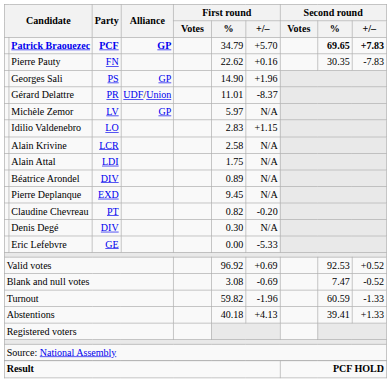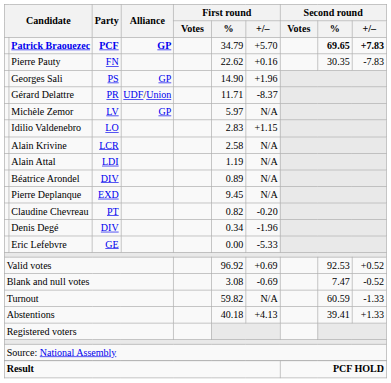 <table class="wikitable" style="text-align:right;font-size:95%;">
 <tr>
 <th rowspan="2" colspan="2">Candidate</th>
 <th rowspan="2">Party</th>
 <th rowspan="2">Alliance</th>
 <th colspan="3">First round</th>
 <th colspan="3">Second round</th>
 </tr>
 <tr>
 <th style="width:50px;">Votes</th>
 <th style="width:45px;">%</th>
 <th style="width:45px;">+/–</th>
 <th style="width:50px;">Votes</th>
 <th style="width:45px;">%</th>
 <th style="width:45px;">+/–</th>
 </tr>
 <tr>
 <td style="color:inherit;background:"></td>
 <td style="text-align:left;"><strong><a href='#'>Patrick Braouezec</a></strong></td>
 <td><a href='#'><strong>PCF</strong></a> </td>
 <td><a href='#'><strong>GP</strong></a> </td>
 <td></td>
 <td>34.79</td>
 <td>+5.70</td>
 <td><strong></strong></td>
 <td><strong>69.65</strong></td>
 <td><strong>+7.83</strong></td>
 </tr>
 <tr>
 <td style="color:inherit;background:"></td>
 <td style="text-align:left;">Pierre Pauty</td>
 <td><a href='#'>FN</a> </td>
 <td></td>
 <td></td>
 <td>22.62</td>
 <td>+0.16</td>
 <td></td>
 <td>30.35</td>
 <td>-7.83</td>
 </tr>
 <tr>
 <td style="color:inherit;background:"></td>
 <td style="text-align:left;">Georges Sali</td>
 <td><a href='#'>PS</a></td>
 <td><a href='#'>GP</a></td>
 <td></td>
 <td>14.90</td>
 <td>+1.96</td>
 <td colspan="3" style="background:#E9E9E9;"></td>
 </tr>
 <tr>
 <td style="color:inherit;background:"></td>
 <td style="text-align:left;">Gérard Delattre</td>
 <td><a href='#'>PR</a></td>
 <td><a href='#'>UDF</a>/<a href='#'>Union</a></td>
 <td></td>
-<td>11.01</td>
+<td>11.71</td>
 <td>-8.37</td>
 <td colspan="3" style="background:#E9E9E9;"></td>
 </tr>
 <tr>
 <td style="color:inherit;background:"></td>
 <td style="text-align:left;">Michèle Zemor</td>
 <td><a href='#'>LV</a></td>
 <td><a href='#'>GP</a></td>
 <td></td>
 <td>5.97</td>
 <td>N/A</td>
 <td colspan="3" style="background:#E9E9E9;"></td>
 </tr>
 <tr>
 <td style="color:inherit;background:"></td>
 <td style="text-align:left;">Idilio Valdenebro</td>
 <td><a href='#'>LO</a></td>
 <td></td>
 <td></td>
 <td>2.83</td>
 <td>+1.15</td>
 <td colspan="3" style="background:#E9E9E9;"></td>
 </tr>
 <tr>
 <td style="color:inherit;background:"></td>
 <td style="text-align:left;">Alain Krivine</td>
 <td><a href='#'>LCR</a></td>
 <td></td>
 <td></td>
 <td>2.58</td>
 <td>N/A</td>
 <td colspan="3" style="background:#E9E9E9;"></td>
 </tr>
 <tr>
 <td style="color:inherit;background:"></td>
 <td style="text-align:left;">Alain Attal</td>
 <td><a href='#'>LDI</a></td>
 <td></td>
 <td></td>
-<td>1.75</td>
+<td>1.19</td>
 <td>N/A</td>
 <td colspan="3" style="background:#E9E9E9;"></td>
 </tr>
 <tr>
 <td style="color:inherit;background:"></td>
 <td style="text-align:left;">Béatrice Arondel</td>
 <td><a href='#'>DIV</a></td>
 <td></td>
 <td></td>
 <td>0.89</td>
 <td>N/A</td>
 <td colspan="3" style="background:#E9E9E9;"></td>
 </tr>
 <tr>
 <td style="color:inherit;background:"></td>
 <td style="text-align:left;">Pierre Deplanque</td>
 <td><a href='#'>EXD</a></td>
 <td></td>
 <td></td>
 <td>9.45</td>
 <td>N/A</td>
 <td colspan="3" style="background:#E9E9E9;"></td>
 </tr>
 <tr>
 <td style="color:inherit;background:"></td>
 <td style="text-align:left;">Claudine Chevreau</td>
 <td><a href='#'>PT</a></td>
 <td></td>
 <td></td>
 <td>0.82</td>
 <td>-0.20</td>
 <td colspan="3" style="background:#E9E9E9;"></td>
 </tr>
 <tr>
 <td style="color:inherit;background:"></td>
 <td style="text-align:left;">Denis Degé</td>
 <td><a href='#'>DIV</a></td>
 <td></td>
 <td></td>
-<td>0.30</td>
-<td>N/A</td>
+<td>0.34</td>
+<td>-1.96</td>
 <td colspan="3" style="background:#E9E9E9;"></td>
 </tr>
 <tr>
 <td style="color:inherit;background:"></td>
 <td style="text-align:left;">Eric Lefebvre</td>
 <td><a href='#'>GE</a></td>
 <td></td>
 <td></td>
 <td>0.00</td>
 <td>-5.33</td>
 <td colspan="3" style="background:#E9E9E9;"></td>
 </tr>
 <tr>
 <td colspan="10" style="background:#E9E9E9;"></td>
 </tr>
 <tr>
 <td colspan="4" style="text-align:left;">Valid votes</td>
 <td></td>
 <td>96.92</td>
 <td>+0.69</td>
 <td></td>
 <td>92.53</td>
 <td>+0.52</td>
 </tr>
 <tr>
 <td colspan="4" style="text-align:left;">Blank and null votes</td>
 <td></td>
 <td>3.08</td>
 <td>-0.69</td>
 <td></td>
 <td>7.47</td>
 <td>-0.52</td>
 </tr>
 <tr>
 <td colspan="4" style="text-align:left;">Turnout</td>
 <td></td>
 <td>59.82</td>
-<td>-1.96</td>
+<td>N/A</td>
 <td></td>
 <td>60.59</td>
 <td>-1.33</td>
 </tr>
 <tr>
 <td colspan="4" style="text-align:left;">Abstentions</td>
 <td></td>
 <td>40.18</td>
 <td>+4.13</td>
 <td></td>
 <td>39.41</td>
 <td>+1.33</td>
 </tr>
 <tr>
 <td colspan="4" style="text-align:left;">Registered voters</td>
 <td></td>
 <td colspan="2" style="background:#E9E9E9;"></td>
 <td></td>
 <td colspan="2" style="background:#E9E9E9;"></td>
 </tr>
 <tr>
 <td colspan="10" style="background:#E9E9E9;"></td>
 </tr>
 <tr>
 <td colspan="10" style="text-align:left;">Source: <a href='#'>National Assembly</a></td>
 </tr>
 <tr>
 </tr>
 <tr style="font-weight:bold">
 <td colspan="7" style="text-align:left;">Result</td>
 <td colspan="7" style="background-color:">PCF HOLD</td>
 </tr>
 </table>
